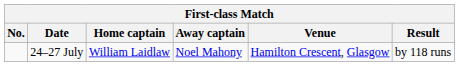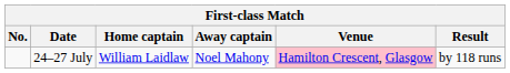 <table class="wikitable">
 <tr>
 <th colspan="9">First-class Match</th>
 </tr>
 <tr>
 <th>No.</th>
 <th>Date</th>
 <th>Home captain</th>
 <th>Away captain</th>
 <th>Venue</th>
 <th>Result</th>
 </tr>
 <tr>
 <td></td>
 <td>24–27 July</td>
 <td><a href='#'>William Laidlaw</a></td>
 <td><a href='#'>Noel Mahony</a></td>
-<td><a href='#'>Hamilton Crescent</a>, <a href='#'>Glasgow</a></td>
+<td style="background: pink;"><a href='#'>Hamilton Crescent</a>, <a href='#'>Glasgow</a></td>
 <td> by 118 runs</td>
 </tr>
 </table>
